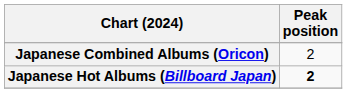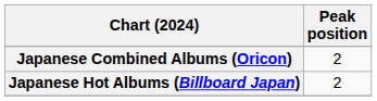 <table class="wikitable sortable plainrowheaders" style="text-align:center">
 <tr>
 <th scope="col">Chart (2024)</th>
 <th scope="col">Peak<br>position</th>
 </tr>
 <tr>
 </tr>
 <tr>
 <th scope="row">Japanese Combined Albums (<a href='#'>Oricon</a>)</th>
 <td>2</td>
 </tr>
 <tr>
 <th scope="row">Japanese Hot Albums (<em><a href='#'>Billboard Japan</a></em>)</th>
-<td><strong>2</strong></td>
+<td>2</td>
 </tr>
 <tr>
 </tr>
 </table>
